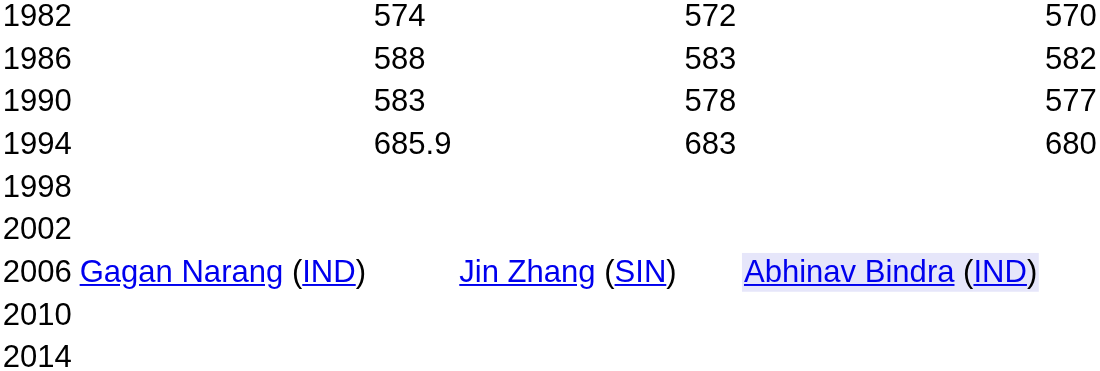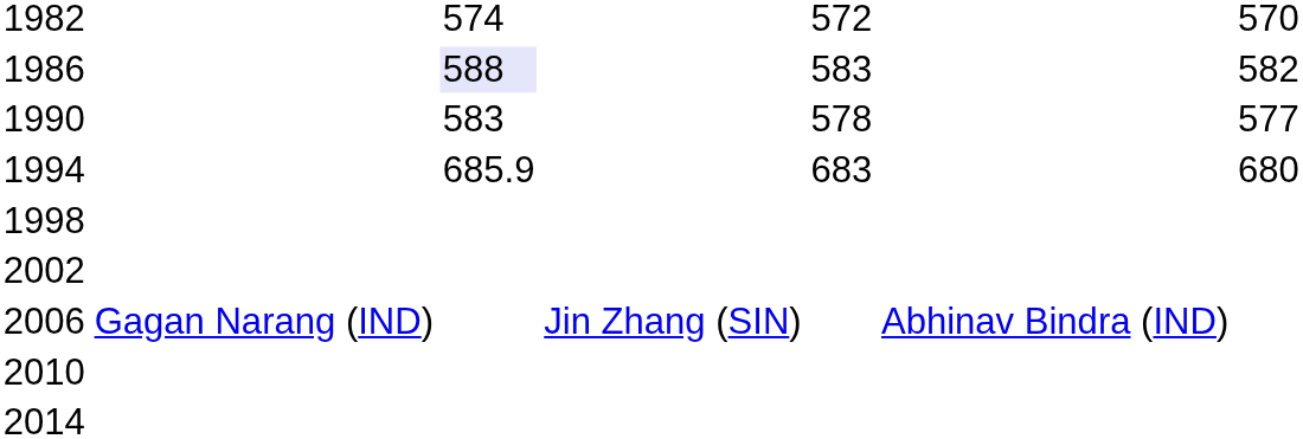 <table>
 <tr>
 <td>1982</td>
 <td></td>
 <td>574</td>
 <td></td>
 <td>572</td>
 <td></td>
 <td>570</td>
 </tr>
 <tr>
 <td>1986</td>
 <td></td>
-<td>588</td>
+<td style="background: lavender;">588</td>
 <td></td>
 <td>583</td>
 <td></td>
 <td>582</td>
 </tr>
 <tr>
 <td>1990</td>
 <td></td>
 <td>583</td>
 <td></td>
 <td>578</td>
 <td></td>
 <td>577</td>
 </tr>
 <tr>
 <td>1994</td>
 <td></td>
 <td>685.9</td>
 <td></td>
 <td>683</td>
 <td></td>
 <td>680</td>
 </tr>
 <tr>
 <td>1998</td>
 <td></td>
 <td></td>
 <td></td>
 <td></td>
 <td></td>
 <td></td>
 </tr>
 <tr>
 <td>2002</td>
 <td></td>
 <td></td>
 <td></td>
 <td></td>
 <td></td>
 <td></td>
 </tr>
 <tr>
 <td>2006</td>
 <td> <a href='#'>Gagan Narang</a> (<a href='#'>IND</a>)</td>
 <td></td>
 <td> <a href='#'>Jin Zhang</a> (<a href='#'>SIN</a>)</td>
 <td></td>
-<td style="background: lavender;"> <a href='#'>Abhinav Bindra</a> (<a href='#'>IND</a>)</td>
+<td> <a href='#'>Abhinav Bindra</a> (<a href='#'>IND</a>)</td>
 <td></td>
 </tr>
 <tr>
 <td>2010<br></td>
 <td></td>
 <td></td>
 <td></td>
 <td></td>
 <td></td>
 <td></td>
 </tr>
 <tr>
 <td>2014<br></td>
 <td></td>
 <td></td>
 <td></td>
 <td></td>
 <td></td>
 <td></td>
 </tr>
 </table>
